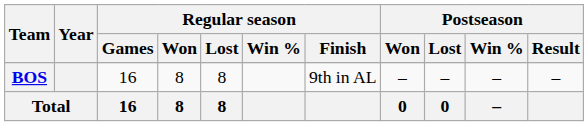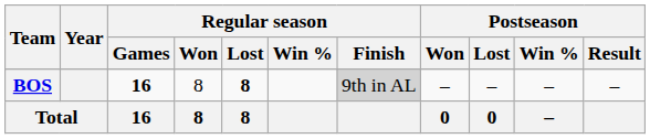 <table class="wikitable" style="font-size: 95%; text-align:center;">
 <tr>
 <th rowspan="2">Team</th>
 <th rowspan="2">Year</th>
 <th colspan="5">Regular season</th>
 <th colspan="4">Postseason</th>
 </tr>
 <tr>
 <th>Games</th>
 <th>Won</th>
 <th>Lost</th>
 <th>Win %</th>
 <th>Finish</th>
 <th>Won</th>
 <th>Lost</th>
 <th>Win %</th>
 <th>Result</th>
 </tr>
 <tr>
 </tr>
 <tr>
 <th><a href='#'>BOS</a></th>
 <th></th>
-<td>16</td>
+<td><strong>16</strong></td>
 <td>8</td>
-<td>8</td>
+<td><strong>8</strong></td>
 <td></td>
-<td>9th in AL</td>
+<td style="background: lightgrey;">9th in AL</td>
 <td>–</td>
 <td>–</td>
 <td>–</td>
 <td>–</td>
 </tr>
 <tr>
 <th colspan="2">Total</th>
 <th>16</th>
 <th>8</th>
 <th>8</th>
 <th></th>
 <th></th>
 <th>0</th>
 <th>0</th>
 <th>–</th>
 <th></th>
 </tr>
 </table>
